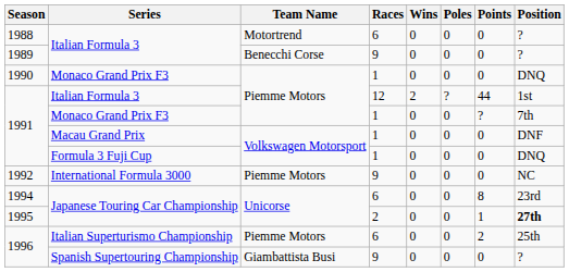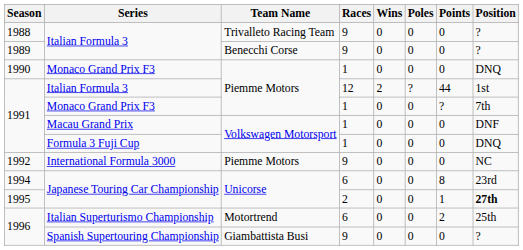 <table class="wikitable">
 <tr>
 <th>Season</th>
 <th>Series</th>
 <th>Team Name</th>
 <th>Races</th>
 <th>Wins</th>
 <th>Poles</th>
 <th>Points</th>
 <th>Position</th>
 </tr>
 <tr>
 <td>1988</td>
 <td rowspan="2"><a href='#'>Italian Formula 3</a></td>
-<td>Motortrend</td>
-<td>6</td>
+<td>Trivalleto Racing Team</td>
+<td>9</td>
 <td>0</td>
 <td>0</td>
 <td>0</td>
 <td>?</td>
 </tr>
 <tr>
 <td>1989</td>
 <td>Benecchi Corse</td>
 <td>9</td>
 <td>0</td>
 <td>0</td>
 <td>0</td>
 <td>?</td>
 </tr>
 <tr>
 <td>1990</td>
 <td><a href='#'>Monaco Grand Prix F3</a></td>
 <td rowspan="3">Piemme Motors</td>
 <td>1</td>
 <td>0</td>
 <td>0</td>
 <td>0</td>
 <td>DNQ</td>
 </tr>
 <tr>
 <td rowspan="4">1991</td>
 <td><a href='#'>Italian Formula 3</a></td>
 <td>12</td>
 <td>2</td>
 <td>?</td>
 <td>44</td>
 <td>1st</td>
 </tr>
 <tr>
 <td><a href='#'>Monaco Grand Prix F3</a></td>
 <td>1</td>
 <td>0</td>
 <td>0</td>
 <td>?</td>
 <td>7th</td>
 </tr>
 <tr>
 <td><a href='#'>Macau Grand Prix</a></td>
 <td rowspan="2"><a href='#'>Volkswagen Motorsport</a></td>
 <td>1</td>
 <td>0</td>
 <td>0</td>
 <td>0</td>
 <td>DNF</td>
 </tr>
 <tr>
 <td><a href='#'>Formula 3 Fuji Cup</a></td>
 <td>1</td>
 <td>0</td>
 <td>0</td>
 <td>0</td>
 <td>DNQ</td>
 </tr>
 <tr>
 <td>1992</td>
 <td><a href='#'>  International Formula 3000</a></td>
 <td>Piemme Motors</td>
 <td>9</td>
 <td>0</td>
 <td>0</td>
 <td>0</td>
 <td>NC</td>
 </tr>
 <tr>
 <td>1994</td>
 <td rowspan="2"><a href='#'>  Japanese Touring Car Championship</a></td>
 <td rowspan="2"><a href='#'>Unicorse</a></td>
 <td>6</td>
 <td>0</td>
 <td>0</td>
 <td>8</td>
 <td>23rd</td>
 </tr>
 <tr>
 <td>1995</td>
 <td>2</td>
 <td>0</td>
 <td>0</td>
 <td>1</td>
 <td><strong>27th</strong></td>
 </tr>
 <tr>
 <td rowspan="2">1996</td>
 <td><a href='#'>  Italian Superturismo Championship</a></td>
-<td>Piemme Motors</td>
+<td>Motortrend</td>
 <td>6</td>
 <td>0</td>
 <td>0</td>
 <td>2</td>
 <td>25th</td>
 </tr>
 <tr>
 <td><a href='#'> Spanish Supertouring Championship</a></td>
 <td>Giambattista Busi</td>
 <td>9</td>
 <td>0</td>
 <td>0</td>
 <td>0</td>
 <td>?</td>
 </tr>
 </table>
